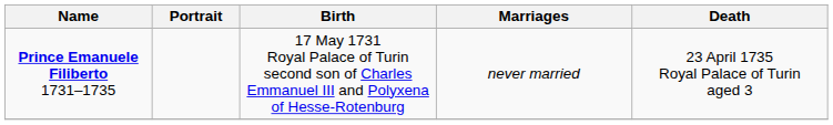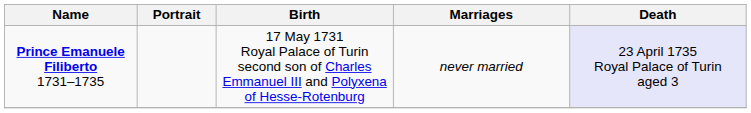 <table style="text-align:center; width:100%" class="wikitable">
 <tr>
 <th width=15%>Name</th>
 <th width=9%>Portrait</th>
 <th width=20%>Birth</th>
 <th width=20%>Marriages</th>
 <th width=20%>Death</th>
 </tr>
 <tr>
 <td width=auto><strong><a href='#'>Prince Emanuele Filiberto</a></strong><br>1731–1735</td>
 <td></td>
 <td>17 May 1731<br>Royal Palace of Turin<br>second son of <a href='#'>Charles Emmanuel III</a> and <a href='#'>Polyxena of Hesse-Rotenburg</a></td>
 <td><em>never married</em></td>
-<td>23 April 1735<br>Royal Palace of Turin<br>aged 3</td>
+<td style="background: lavender;">23 April 1735<br>Royal Palace of Turin<br>aged 3</td>
 </tr>
 <tr>
 </tr>
 </table>
